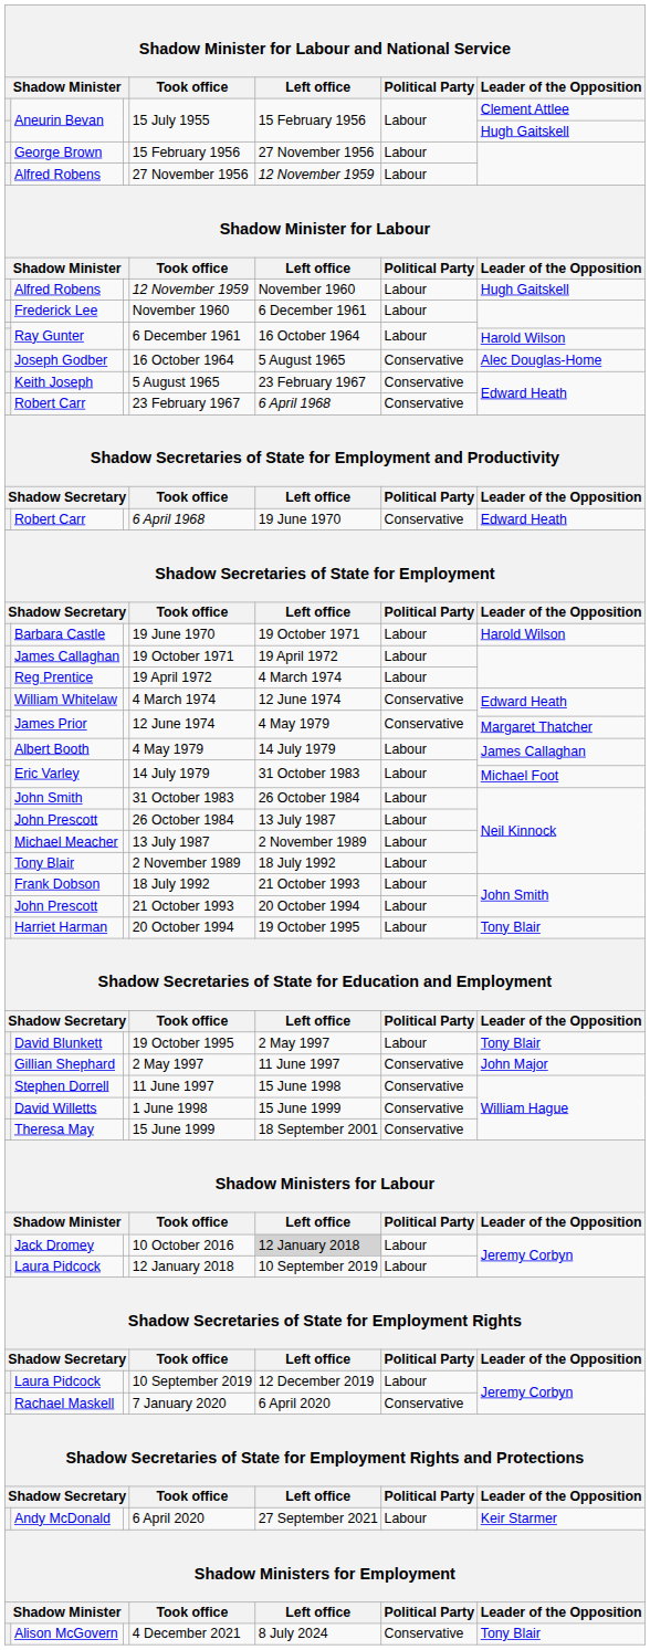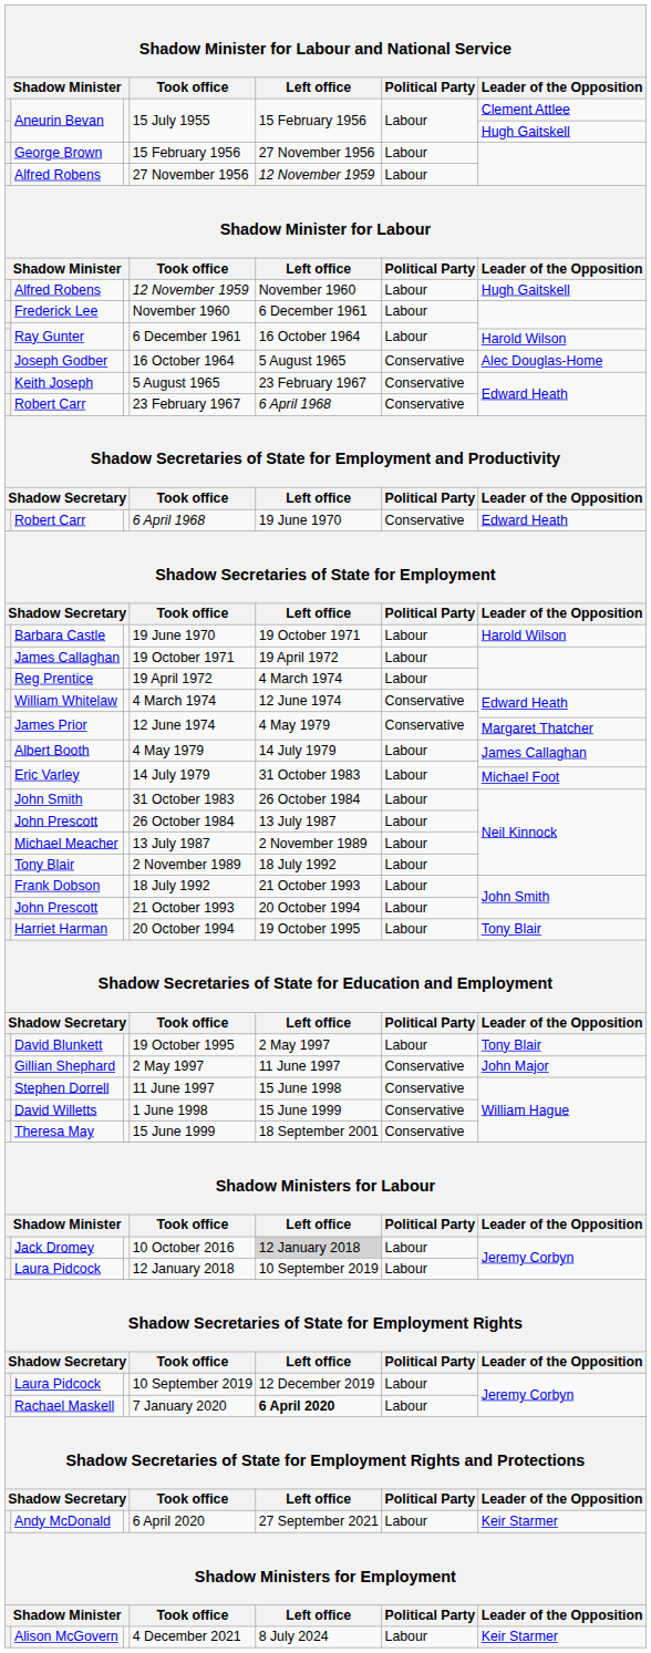 <table class="wikitable">
 <tr>
 <th colspan=7><br><h3>Shadow Minister for Labour and National Service</h3></th>
 </tr>
 <tr>
 <th colspan=3>Shadow Minister</th>
 <th>Took office</th>
 <th>Left office</th>
 <th>Political Party</th>
 <th>Leader of the Opposition</th>
 </tr>
 <tr>
 <th style="background-color: "></th>
 <td rowspan=2><a href='#'>Aneurin Bevan</a></td>
 <td rowspan=2></td>
 <td rowspan=2>15 July 1955</td>
 <td rowspan=2>15 February 1956</td>
 <td rowspan=2>Labour</td>
 <td><a href='#'>Clement Attlee</a></td>
 </tr>
 <tr>
 <th style="background-color: "></th>
 <td><a href='#'>Hugh Gaitskell</a></td>
 </tr>
 <tr>
 <th style="background-color: "></th>
 <td><a href='#'>George Brown</a></td>
 <td></td>
 <td>15 February 1956</td>
 <td>27 November 1956</td>
 <td>Labour</td>
 </tr>
 <tr>
 <th style="background-color: "></th>
 <td><a href='#'>Alfred Robens</a></td>
 <td></td>
 <td>27 November 1956</td>
 <td><em>12 November 1959</em></td>
 <td>Labour</td>
 </tr>
 <tr>
 <th colspan=7><br><h3>Shadow Minister for Labour</h3></th>
 </tr>
 <tr>
 <th colspan=3>Shadow Minister</th>
 <th>Took office</th>
 <th>Left office</th>
 <th>Political Party</th>
 <th>Leader of the Opposition</th>
 </tr>
 <tr>
 <th style="background-color: "></th>
 <td><a href='#'>Alfred Robens</a></td>
 <td></td>
 <td><em>12 November 1959</em></td>
 <td>November 1960</td>
 <td>Labour</td>
 <td><a href='#'>Hugh Gaitskell</a></td>
 </tr>
 <tr>
 <th style="background-color: "></th>
 <td><a href='#'>Frederick Lee</a></td>
 <td></td>
 <td>November 1960</td>
 <td>6 December 1961</td>
 <td>Labour</td>
 </tr>
 <tr>
 <th style="background-color: "></th>
 <td rowspan=2><a href='#'>Ray Gunter</a></td>
 <td rowspan=2></td>
 <td rowspan=2>6 December 1961</td>
 <td rowspan=2>16 October 1964</td>
 <td rowspan=2>Labour</td>
 </tr>
 <tr>
 <th style="background-color: "></th>
 <td><a href='#'>Harold Wilson</a></td>
 </tr>
 <tr>
 <th style="background-color: "></th>
 <td><a href='#'>Joseph Godber</a></td>
 <td></td>
 <td>16 October 1964</td>
 <td>5 August 1965</td>
 <td>Conservative</td>
 <td><a href='#'>Alec Douglas-Home</a></td>
 </tr>
 <tr>
 <th style="background-color: "></th>
 <td><a href='#'>Keith Joseph</a></td>
 <td></td>
 <td>5 August 1965</td>
 <td>23 February 1967</td>
 <td>Conservative</td>
 <td rowspan=2 ><a href='#'>Edward Heath</a></td>
 </tr>
 <tr>
 <th style="background-color: "></th>
 <td><a href='#'>Robert Carr</a></td>
 <td></td>
 <td>23 February 1967</td>
 <td><em>6 April 1968</em></td>
 <td>Conservative</td>
 </tr>
 <tr>
 <th colspan=7><br><h3>Shadow Secretaries of State for Employment and Productivity</h3></th>
 </tr>
 <tr>
 <th colspan=3>Shadow Secretary</th>
 <th>Took office</th>
 <th>Left office</th>
 <th>Political Party</th>
 <th>Leader of the Opposition</th>
 </tr>
 <tr>
 <th style="background-color: "></th>
 <td><a href='#'>Robert Carr</a></td>
 <td></td>
 <td><em>6 April 1968</em></td>
 <td>19 June 1970</td>
 <td>Conservative</td>
 <td><a href='#'>Edward Heath</a></td>
 </tr>
 <tr>
 <th colspan=7><br><h3>Shadow Secretaries of State for Employment</h3></th>
 </tr>
 <tr>
 <th colspan=3>Shadow Secretary</th>
 <th>Took office</th>
 <th>Left office</th>
 <th>Political Party</th>
 <th>Leader of the Opposition</th>
 </tr>
 <tr>
 <th style="background-color: "></th>
 <td><a href='#'>Barbara Castle</a></td>
 <td></td>
 <td>19 June 1970</td>
 <td>19 October 1971</td>
 <td>Labour</td>
 <td><a href='#'>Harold Wilson</a></td>
 </tr>
 <tr>
 <th style="background-color: "></th>
 <td><a href='#'>James Callaghan</a></td>
 <td></td>
 <td>19 October 1971</td>
 <td>19 April 1972</td>
 <td>Labour</td>
 </tr>
 <tr>
 <th style="background-color: "></th>
 <td><a href='#'>Reg Prentice</a></td>
 <td></td>
 <td>19 April 1972</td>
 <td>4 March 1974</td>
 <td>Labour</td>
 </tr>
 <tr>
 <th style="background-color: "></th>
 <td><a href='#'>William Whitelaw</a></td>
 <td></td>
 <td>4 March 1974</td>
 <td>12 June 1974</td>
 <td>Conservative</td>
 <td rowspan=2 ><a href='#'>Edward Heath</a></td>
 </tr>
 <tr>
 <th style="background-color: "></th>
 <td rowspan=2><a href='#'>James Prior</a></td>
 <td rowspan=2></td>
 <td rowspan=2>12 June 1974</td>
 <td rowspan=2>4 May 1979</td>
 <td rowspan=2>Conservative</td>
 </tr>
 <tr>
 <th style="background-color: "></th>
 <td><a href='#'>Margaret Thatcher</a></td>
 </tr>
 <tr>
 <th style="background-color: "></th>
 <td><a href='#'>Albert Booth</a></td>
 <td></td>
 <td>4 May 1979</td>
 <td>14 July 1979</td>
 <td>Labour</td>
 <td rowspan=2 ><a href='#'>James Callaghan</a></td>
 </tr>
 <tr>
 <th style="background-color: "></th>
 <td rowspan=2><a href='#'>Eric Varley</a></td>
 <td rowspan=2></td>
 <td rowspan=2>14 July 1979</td>
 <td rowspan=2>31 October 1983</td>
 <td rowspan=2>Labour</td>
 </tr>
 <tr>
 <th style="background-color: "></th>
 <td><a href='#'>Michael Foot</a></td>
 </tr>
 <tr>
 <th style="background-color: "></th>
 <td><a href='#'>John Smith</a></td>
 <td></td>
 <td>31 October 1983</td>
 <td>26 October 1984</td>
 <td>Labour</td>
 <td rowspan=4 ><a href='#'>Neil Kinnock</a></td>
 </tr>
 <tr>
 <th style="background-color: "></th>
 <td><a href='#'>John Prescott</a></td>
 <td></td>
 <td>26 October 1984</td>
 <td>13 July 1987</td>
 <td>Labour</td>
 </tr>
 <tr>
 <th style="background-color: "></th>
 <td><a href='#'>Michael Meacher</a></td>
 <td></td>
 <td>13 July 1987</td>
 <td>2 November 1989</td>
 <td>Labour</td>
 </tr>
 <tr>
 <th style="background-color: "></th>
 <td><a href='#'>Tony Blair</a></td>
 <td></td>
 <td>2 November 1989</td>
 <td>18 July 1992</td>
 <td>Labour</td>
 </tr>
 <tr>
 <th style="background-color: "></th>
 <td><a href='#'>Frank Dobson</a></td>
 <td></td>
 <td>18 July 1992</td>
 <td>21 October 1993</td>
 <td>Labour</td>
 <td rowspan=2 ><a href='#'>John Smith</a></td>
 </tr>
 <tr>
 <th style="background-color: "></th>
 <td><a href='#'>John Prescott</a></td>
 <td></td>
 <td>21 October 1993</td>
 <td>20 October 1994</td>
 <td>Labour</td>
 </tr>
 <tr>
 <th style="background-color: "></th>
 <td><a href='#'>Harriet Harman</a></td>
 <td></td>
 <td>20 October 1994</td>
 <td>19 October 1995</td>
 <td>Labour</td>
 <td><a href='#'>Tony Blair</a></td>
 </tr>
 <tr>
 <th colspan=7><br><h3>Shadow Secretaries of State for Education and Employment</h3></th>
 </tr>
 <tr>
 <th colspan=3>Shadow Secretary</th>
 <th>Took office</th>
 <th>Left office</th>
 <th>Political Party</th>
 <th>Leader of the Opposition</th>
 </tr>
 <tr>
 <th style="background-color: "></th>
 <td><a href='#'>David Blunkett</a></td>
 <td></td>
 <td>19 October 1995</td>
 <td>2 May 1997</td>
 <td>Labour</td>
 <td><a href='#'>Tony Blair</a></td>
 </tr>
 <tr>
 <th style="background-color: "></th>
 <td><a href='#'>Gillian Shephard</a></td>
 <td></td>
 <td>2 May 1997</td>
 <td>11 June 1997</td>
 <td>Conservative</td>
 <td><a href='#'>John Major</a></td>
 </tr>
 <tr>
 <th style="background-color: "></th>
 <td><a href='#'>Stephen Dorrell</a></td>
 <td></td>
 <td>11 June 1997</td>
 <td>15 June 1998</td>
 <td>Conservative</td>
 <td rowspan=3 ><a href='#'>William Hague</a></td>
 </tr>
 <tr>
 <th style="background-color: "></th>
 <td><a href='#'>David Willetts</a></td>
 <td></td>
 <td>1 June 1998</td>
 <td>15 June 1999</td>
 <td>Conservative</td>
 </tr>
 <tr>
 <th style="background-color: "></th>
 <td><a href='#'>Theresa May</a></td>
 <td></td>
 <td>15 June 1999</td>
 <td>18 September 2001</td>
 <td>Conservative</td>
 </tr>
 <tr>
 <th colspan=7><br><h3>Shadow Ministers for Labour</h3></th>
 </tr>
 <tr>
 <th colspan=3>Shadow Minister</th>
 <th>Took office</th>
 <th>Left office</th>
 <th>Political Party</th>
 <th>Leader of the Opposition</th>
 </tr>
 <tr>
 <th style="background-color: "></th>
 <td><a href='#'>Jack Dromey</a></td>
 <td></td>
 <td>10 October 2016</td>
 <td style="background: lightgrey;">12 January 2018</td>
 <td>Labour</td>
 <td rowspan=2 ><a href='#'>Jeremy Corbyn</a></td>
 </tr>
 <tr>
 <th style="background-color: "></th>
 <td><a href='#'>Laura Pidcock</a></td>
 <td></td>
 <td>12 January 2018</td>
 <td>10 September 2019</td>
 <td>Labour</td>
 </tr>
 <tr>
 <th colspan=7><br><h3>Shadow Secretaries of State for Employment Rights</h3></th>
 </tr>
 <tr>
 <th colspan=3>Shadow Secretary</th>
 <th>Took office</th>
 <th>Left office</th>
 <th>Political Party</th>
 <th>Leader of the Opposition</th>
 </tr>
 <tr>
 <th style="background-color: "></th>
 <td><a href='#'>Laura Pidcock</a></td>
 <td></td>
 <td>10 September 2019</td>
 <td>12 December 2019</td>
 <td>Labour</td>
 <td rowspan=2 ><a href='#'>Jeremy Corbyn</a></td>
 </tr>
 <tr>
 <th style="background-color: "></th>
 <td><a href='#'>Rachael Maskell</a></td>
 <td></td>
 <td>7 January 2020</td>
-<td>6 April 2020</td>
-<td>Conservative</td>
+<td><strong>6 April 2020</strong></td>
+<td>Labour</td>
 </tr>
 <tr>
 <th colspan=7><br><h3>Shadow Secretaries of State for Employment Rights and Protections</h3></th>
 </tr>
 <tr>
 <th colspan=3>Shadow Secretary</th>
 <th>Took office</th>
 <th>Left office</th>
 <th>Political Party</th>
 <th>Leader of the Opposition</th>
 </tr>
 <tr>
 <th style="background-color: "></th>
 <td><a href='#'>Andy McDonald</a></td>
 <td></td>
 <td>6 April 2020</td>
 <td>27 September 2021</td>
 <td>Labour</td>
 <td><a href='#'>Keir Starmer</a></td>
 </tr>
 <tr>
 <th colspan=7><br><h3>Shadow Ministers for Employment</h3></th>
 </tr>
 <tr>
 <th colspan=3>Shadow Minister</th>
 <th>Took office</th>
 <th>Left office</th>
 <th>Political Party</th>
 <th>Leader of the Opposition</th>
 </tr>
 <tr>
 <th style="background-color: "></th>
 <td><a href='#'>Alison McGovern</a></td>
 <td></td>
 <td>4 December 2021</td>
 <td>8 July 2024</td>
-<td>Conservative</td>
-<td><a href='#'>Tony Blair</a></td>
+<td>Labour</td>
+<td><a href='#'>Keir Starmer</a></td>
 </tr>
 </table>
